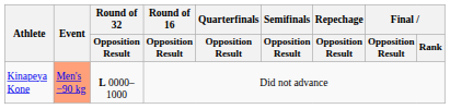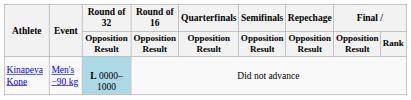 <table class="wikitable" style="font-size:90%">
 <tr>
 <th rowspan=2>Athlete</th>
 <th rowspan=2>Event</th>
 <th>Round of 32</th>
 <th>Round of 16</th>
 <th>Quarterfinals</th>
 <th>Semifinals</th>
 <th>Repechage</th>
 <th colspan=2>Final / </th>
 </tr>
 <tr style="font-size:95%">
 <th>Opposition<br>Result</th>
 <th>Opposition<br>Result</th>
 <th>Opposition<br>Result</th>
 <th>Opposition<br>Result</th>
 <th>Opposition<br>Result</th>
 <th>Opposition<br>Result</th>
 <th>Rank</th>
 </tr>
 <tr align=center>
 <td align=left><a href='#'>Kinapeya Kone</a></td>
-<td align=left style="background: lightsalmon;"><a href='#'>Men's −90 kg</a></td>
-<td><br><strong>L</strong> 0000–1000</td>
+<td align=left><a href='#'>Men's −90 kg</a></td>
+<td style="background: lightblue;"><br><strong>L</strong> 0000–1000</td>
 <td colspan=6>Did not advance</td>
 </tr>
 </table>
